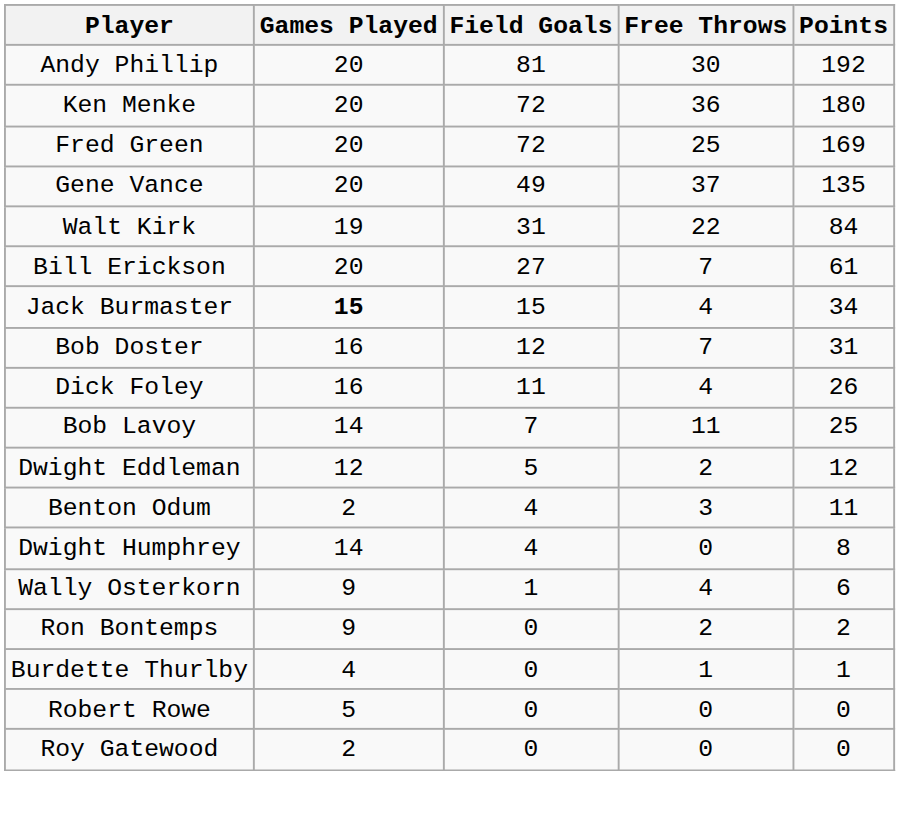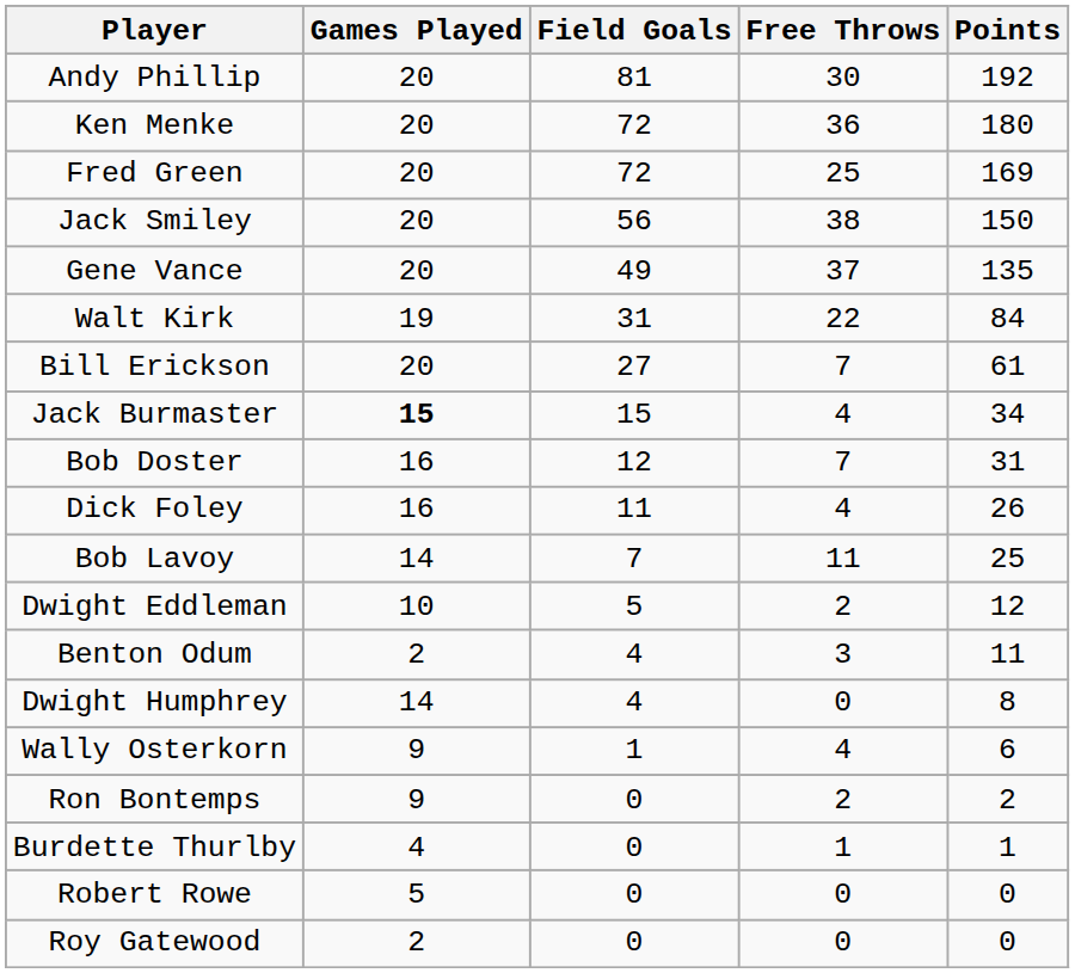 <table class="wikitable sortable">
 <tr>
 <th>Player</th>
 <th>Games Played</th>
 <th>Field Goals</th>
 <th>Free Throws</th>
 <th>Points</th>
 </tr>
 <tr align="center" bgcolor="">
 <td>Andy Phillip</td>
 <td>20</td>
 <td>81</td>
 <td>30</td>
 <td>192</td>
 </tr>
 <tr align="center" bgcolor="">
 <td>Ken Menke</td>
 <td>20</td>
 <td>72</td>
 <td>36</td>
 <td>180</td>
 </tr>
 <tr align="center" bgcolor="">
 <td>Fred Green</td>
 <td>20</td>
 <td>72</td>
 <td>25</td>
 <td>169</td>
+</tr>
+<tr align="center" bgcolor="">
+<td>Jack Smiley</td>
+<td>20</td>
+<td>56</td>
+<td>38</td>
+<td>150</td>
 </tr>
 <tr align="center" bgcolor="">
 <td>Gene Vance</td>
 <td>20</td>
 <td>49</td>
 <td>37</td>
 <td>135</td>
 </tr>
 <tr align="center" bgcolor="">
 <td>Walt Kirk</td>
 <td>19</td>
 <td>31</td>
 <td>22</td>
 <td>84</td>
 </tr>
 <tr align="center" bgcolor="">
 <td>Bill Erickson</td>
 <td>20</td>
 <td>27</td>
 <td>7</td>
 <td>61</td>
 </tr>
 <tr align="center" bgcolor="">
 <td>Jack Burmaster</td>
 <td><strong>15</strong></td>
 <td>15</td>
 <td>4</td>
 <td>34</td>
 </tr>
 <tr align="center" bgcolor="">
 <td>Bob Doster</td>
 <td>16</td>
 <td>12</td>
 <td>7</td>
 <td>31</td>
 </tr>
 <tr align="center" bgcolor="">
 <td>Dick Foley</td>
 <td>16</td>
 <td>11</td>
 <td>4</td>
 <td>26</td>
 </tr>
 <tr align="center" bgcolor="">
 <td>Bob Lavoy</td>
 <td>14</td>
 <td>7</td>
 <td>11</td>
 <td>25</td>
 </tr>
 <tr align="center" bgcolor="">
 <td>Dwight Eddleman</td>
-<td>12</td>
+<td>10</td>
 <td>5</td>
 <td>2</td>
 <td>12</td>
 </tr>
 <tr align="center" bgcolor="">
 <td>Benton Odum</td>
 <td>2</td>
 <td>4</td>
 <td>3</td>
 <td>11</td>
 </tr>
 <tr align="center" bgcolor="">
 <td>Dwight Humphrey</td>
 <td>14</td>
 <td>4</td>
 <td>0</td>
 <td>8</td>
 </tr>
 <tr align="center" bgcolor="">
 <td>Wally Osterkorn</td>
 <td>9</td>
 <td>1</td>
 <td>4</td>
 <td>6</td>
 </tr>
 <tr align="center" bgcolor="">
 <td>Ron Bontemps</td>
 <td>9</td>
 <td>0</td>
 <td>2</td>
 <td>2</td>
 </tr>
 <tr align="center" bgcolor="">
 <td>Burdette Thurlby</td>
 <td>4</td>
 <td>0</td>
 <td>1</td>
 <td>1</td>
 </tr>
 <tr align="center" bgcolor="">
 <td>Robert Rowe</td>
 <td>5</td>
 <td>0</td>
 <td>0</td>
 <td>0</td>
 </tr>
 <tr align="center" bgcolor="">
 <td>Roy Gatewood</td>
 <td>2</td>
 <td>0</td>
 <td>0</td>
 <td>0</td>
 </tr>
 <tr align="center" bgcolor="">
 </tr>
 </table>
